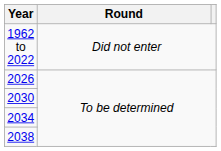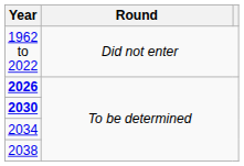 <table class="wikitable" style="text-align: center; font-size:90%">
 <tr>
 <th>Year</th>
 <th style="width:200px">Round</th>
 <th></th>
 </tr>
 <tr>
 <td><a href='#'>1962</a><br>to<br><a href='#'>2022</a></td>
 <td colspan="2"><em>Did not enter</em></td>
 </tr>
 <tr>
-<td><a href='#'>2026</a></td>
+<td><strong><a href='#'>2026</a></strong></td>
 <td colspan="2" rowspan="4"><em>To be determined</em></td>
 </tr>
 <tr>
-<td><a href='#'>2030</a></td>
+<td><strong><a href='#'>2030</a></strong></td>
 </tr>
 <tr>
 <td><a href='#'>2034</a></td>
 </tr>
 <tr>
 <td><a href='#'>2038</a></td>
 </tr>
 </table>
